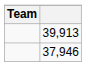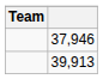 <table class="wikitable" style="display:inline-table;">
 <tr>
 </tr>
 <tr>
 <th>Team</th>
 <th></th>
 </tr>
 <tr>
 <td></td>
-<td align=right>39,913</td>
+<td align=right>37,946</td>
 </tr>
 <tr>
 <td></td>
-<td align=right>37,946</td>
+<td align=right>39,913</td>
 </tr>
 </table>
